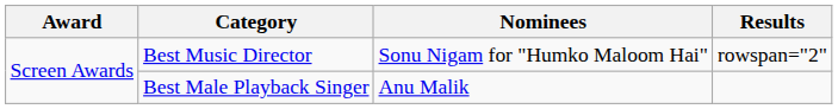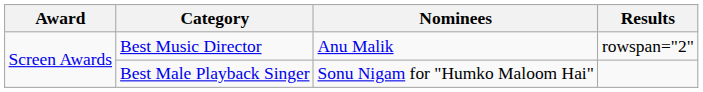 <table class="wikitable plainrowheaders sortable">
 <tr>
 <th>Award</th>
 <th>Category</th>
 <th>Nominees</th>
 <th>Results</th>
 </tr>
 <tr>
 <td rowspan="2"><a href='#'>Screen Awards</a></td>
 <td><a href='#'>Best Music Director</a></td>
-<td><a href='#'>Sonu Nigam</a> for "Humko Maloom Hai"</td>
+<td><a href='#'>Anu Malik</a></td>
 <td>rowspan="2" </td>
 </tr>
 <tr>
 <td><a href='#'>Best Male Playback Singer</a></td>
-<td><a href='#'>Anu Malik</a></td>
+<td><a href='#'>Sonu Nigam</a> for "Humko Maloom Hai"</td>
 </tr>
 </table>
